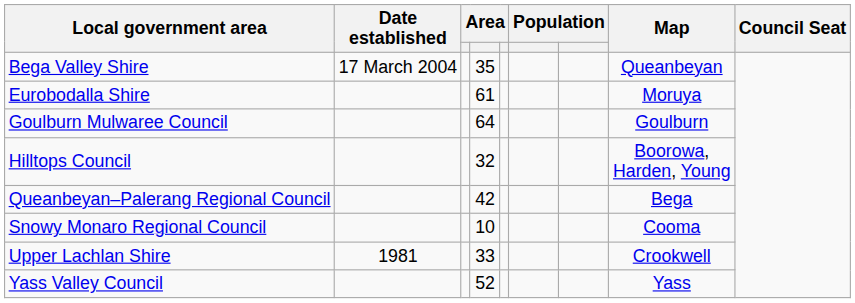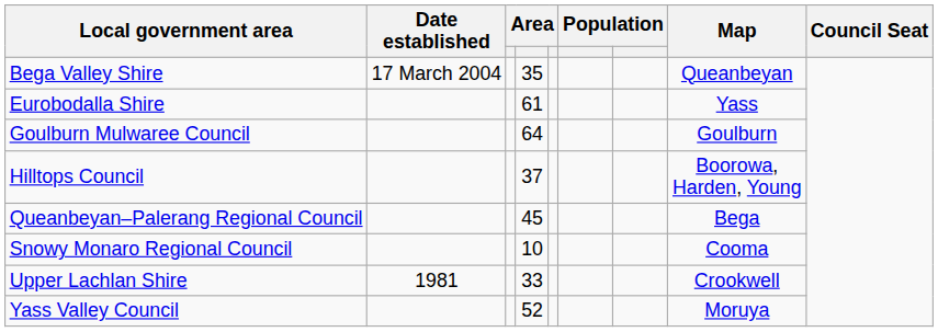 <table class="wikitable sortable" style=text-align:center>
 <tr>
 <th rowspan=2>Local government area</th>
 <th rowspan=2>Date<br>established</th>
 <th colspan=3>Area</th>
 <th colspan=2>Population</th>
 <th class=unsortable rowspan=2>Map</th>
 <th rowspan= 2>Council Seat</th>
 </tr>
 <tr>
 <th></th>
 <th></th>
 <th></th>
 <th></th>
 <th></th>
 </tr>
 <tr>
 <td align=left><a href='#'>Bega Valley Shire</a></td>
 <td>17 March 2004</td>
 <td></td>
 <td>35</td>
 <td align="right"></td>
 <td scope="row"></td>
 <td></td>
 <td><a href='#'>Queanbeyan</a></td>
 </tr>
 <tr>
 <td align=left><a href='#'>Eurobodalla Shire</a></td>
 <td></td>
 <td></td>
 <td scope="row">61</td>
 <td align=right></td>
 <td scope="row"></td>
 <td></td>
-<td><a href='#'>Moruya</a></td>
+<td><a href='#'>Yass</a></td>
 </tr>
 <tr>
 <td align=left><a href='#'>Goulburn Mulwaree Council</a></td>
 <td></td>
 <td></td>
 <td scope="row">64</td>
 <td align=right></td>
 <td scope="row"></td>
 <td></td>
 <td><a href='#'>Goulburn</a></td>
 </tr>
 <tr>
 <td align=left><a href='#'>Hilltops Council</a></td>
 <td></td>
 <td></td>
-<td scope="row">32</td>
+<td scope="row">37</td>
 <td align=right></td>
 <td scope="row"></td>
 <td></td>
 <td><a href='#'>Boorowa</a>,<br><a href='#'>Harden</a>, <a href='#'>Young</a></td>
 </tr>
 <tr>
 <td align=left><a href='#'>Queanbeyan–Palerang Regional Council</a></td>
 <td></td>
 <td></td>
-<td scope="row">42</td>
+<td scope="row">45</td>
 <td align=right></td>
 <td scope="row"></td>
 <td></td>
 <td><a href='#'>Bega</a></td>
 </tr>
 <tr>
 <td align=left><a href='#'>Snowy Monaro Regional Council</a></td>
 <td></td>
 <td></td>
 <td scope="row">10</td>
 <td align=right></td>
 <td scope="row"></td>
 <td></td>
 <td><a href='#'>Cooma</a></td>
 </tr>
 <tr>
 <td align=left><a href='#'>Upper Lachlan Shire</a></td>
 <td>1981</td>
 <td></td>
 <td>33</td>
 <td align="right"></td>
 <td scope="row"></td>
 <td></td>
 <td><a href='#'>Crookwell</a></td>
 </tr>
 <tr>
 <td align=left><a href='#'>Yass Valley Council</a></td>
 <td> <br> </td>
 <td></td>
 <td scope="row">52</td>
 <td align=right></td>
 <td scope="row"></td>
 <td></td>
-<td><a href='#'>Yass</a></td>
+<td><a href='#'>Moruya</a></td>
 </tr>
 </table>
